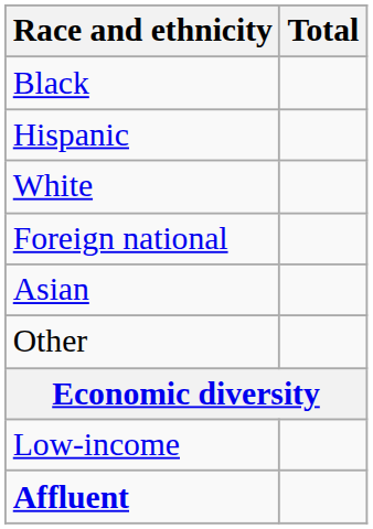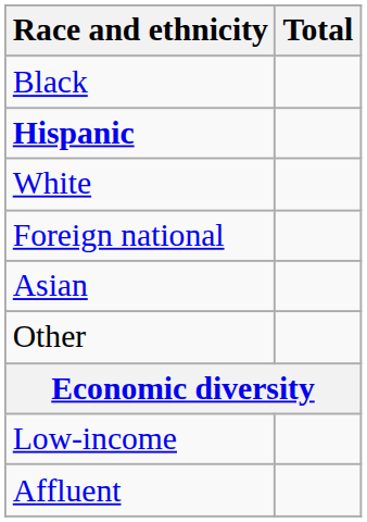 <table class="wikitable floatright sortable collapsible"; text-align:right; font-size:80%;">
 <tr>
 <th>Race and ethnicity</th>
 <th colspan="2" data-sort-type=number>Total</th>
 </tr>
 <tr>
 <td><a href='#'>Black</a></td>
 <td align=right></td>
 </tr>
 <tr>
-<td><a href='#'>Hispanic</a></td>
+<td><strong><a href='#'>Hispanic</a></strong></td>
 <td align=right></td>
 </tr>
 <tr>
 <td><a href='#'>White</a></td>
 <td align=right></td>
 </tr>
 <tr>
 <td><a href='#'>Foreign national</a></td>
 <td align=right></td>
 </tr>
 <tr>
 <td><a href='#'>Asian</a></td>
 <td align=right></td>
 </tr>
 <tr>
 <td>Other</td>
 <td align=right></td>
 </tr>
 <tr>
 <th colspan="4" data-sort-type=number><a href='#'>Economic diversity</a></th>
 </tr>
 <tr>
 <td><a href='#'>Low-income</a></td>
 <td align=right></td>
 </tr>
 <tr>
-<td><strong><a href='#'>Affluent</a></strong></td>
+<td><a href='#'>Affluent</a></td>
 <td align=right></td>
 </tr>
 </table>
